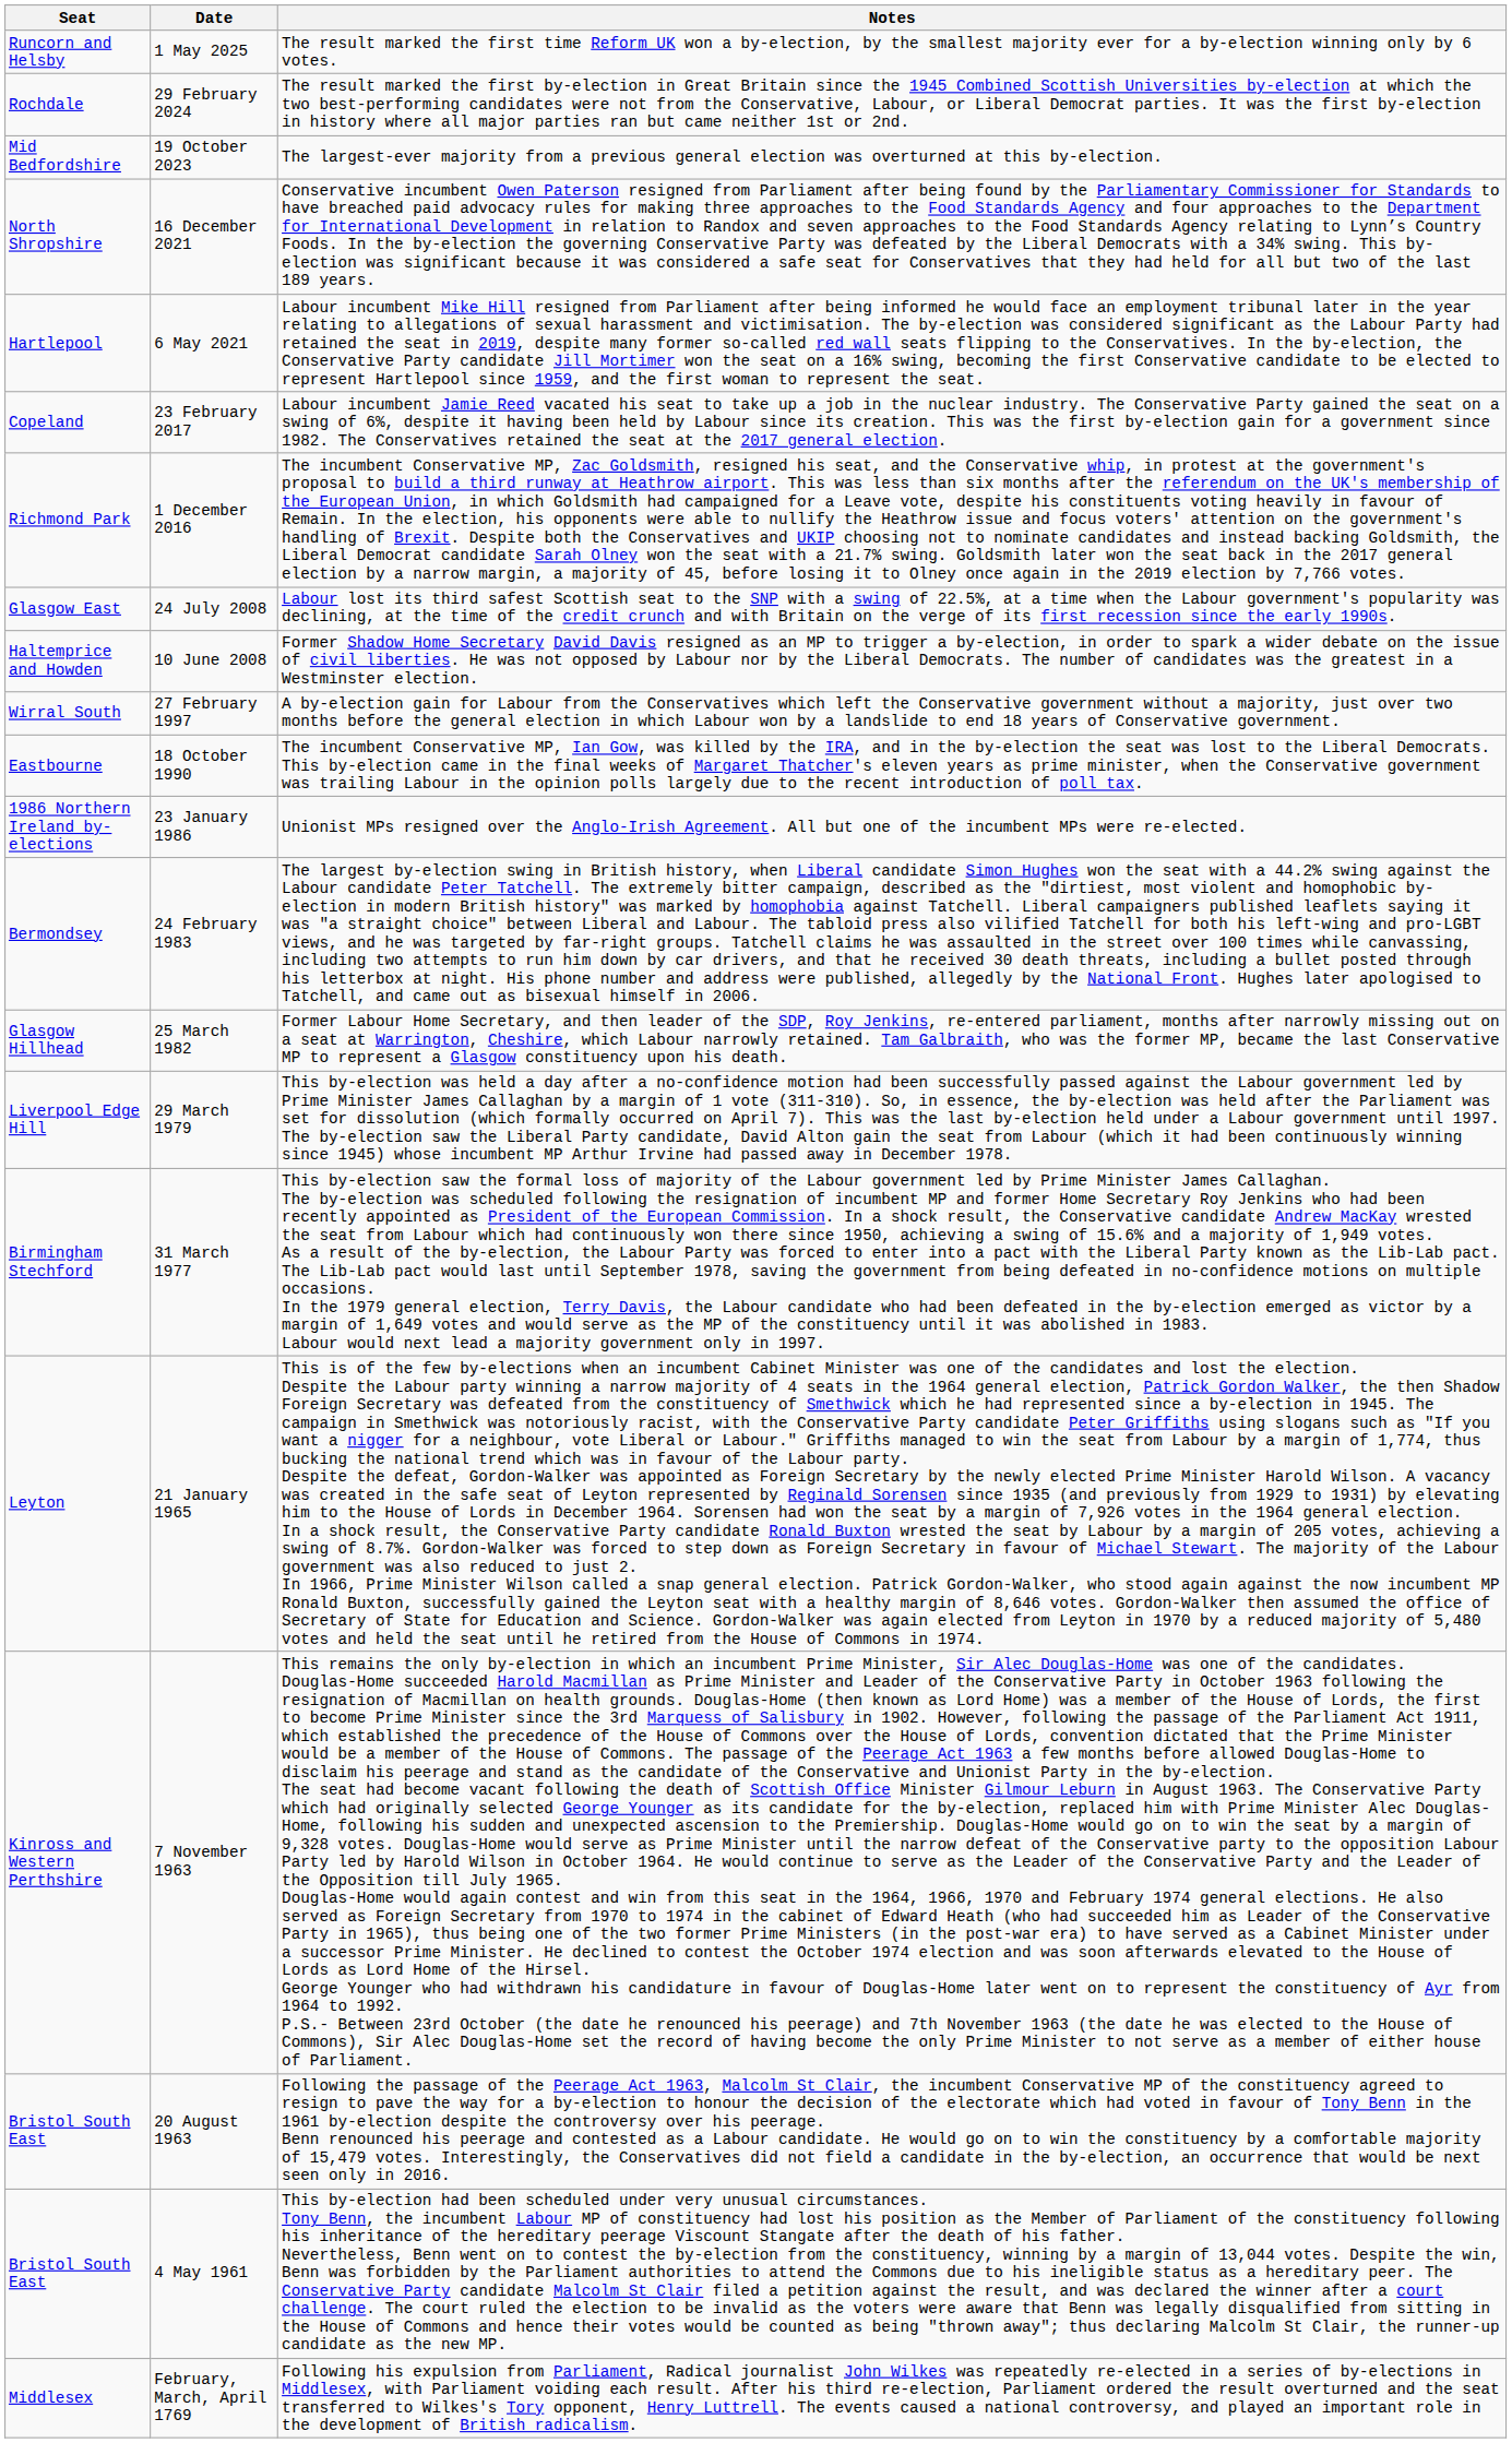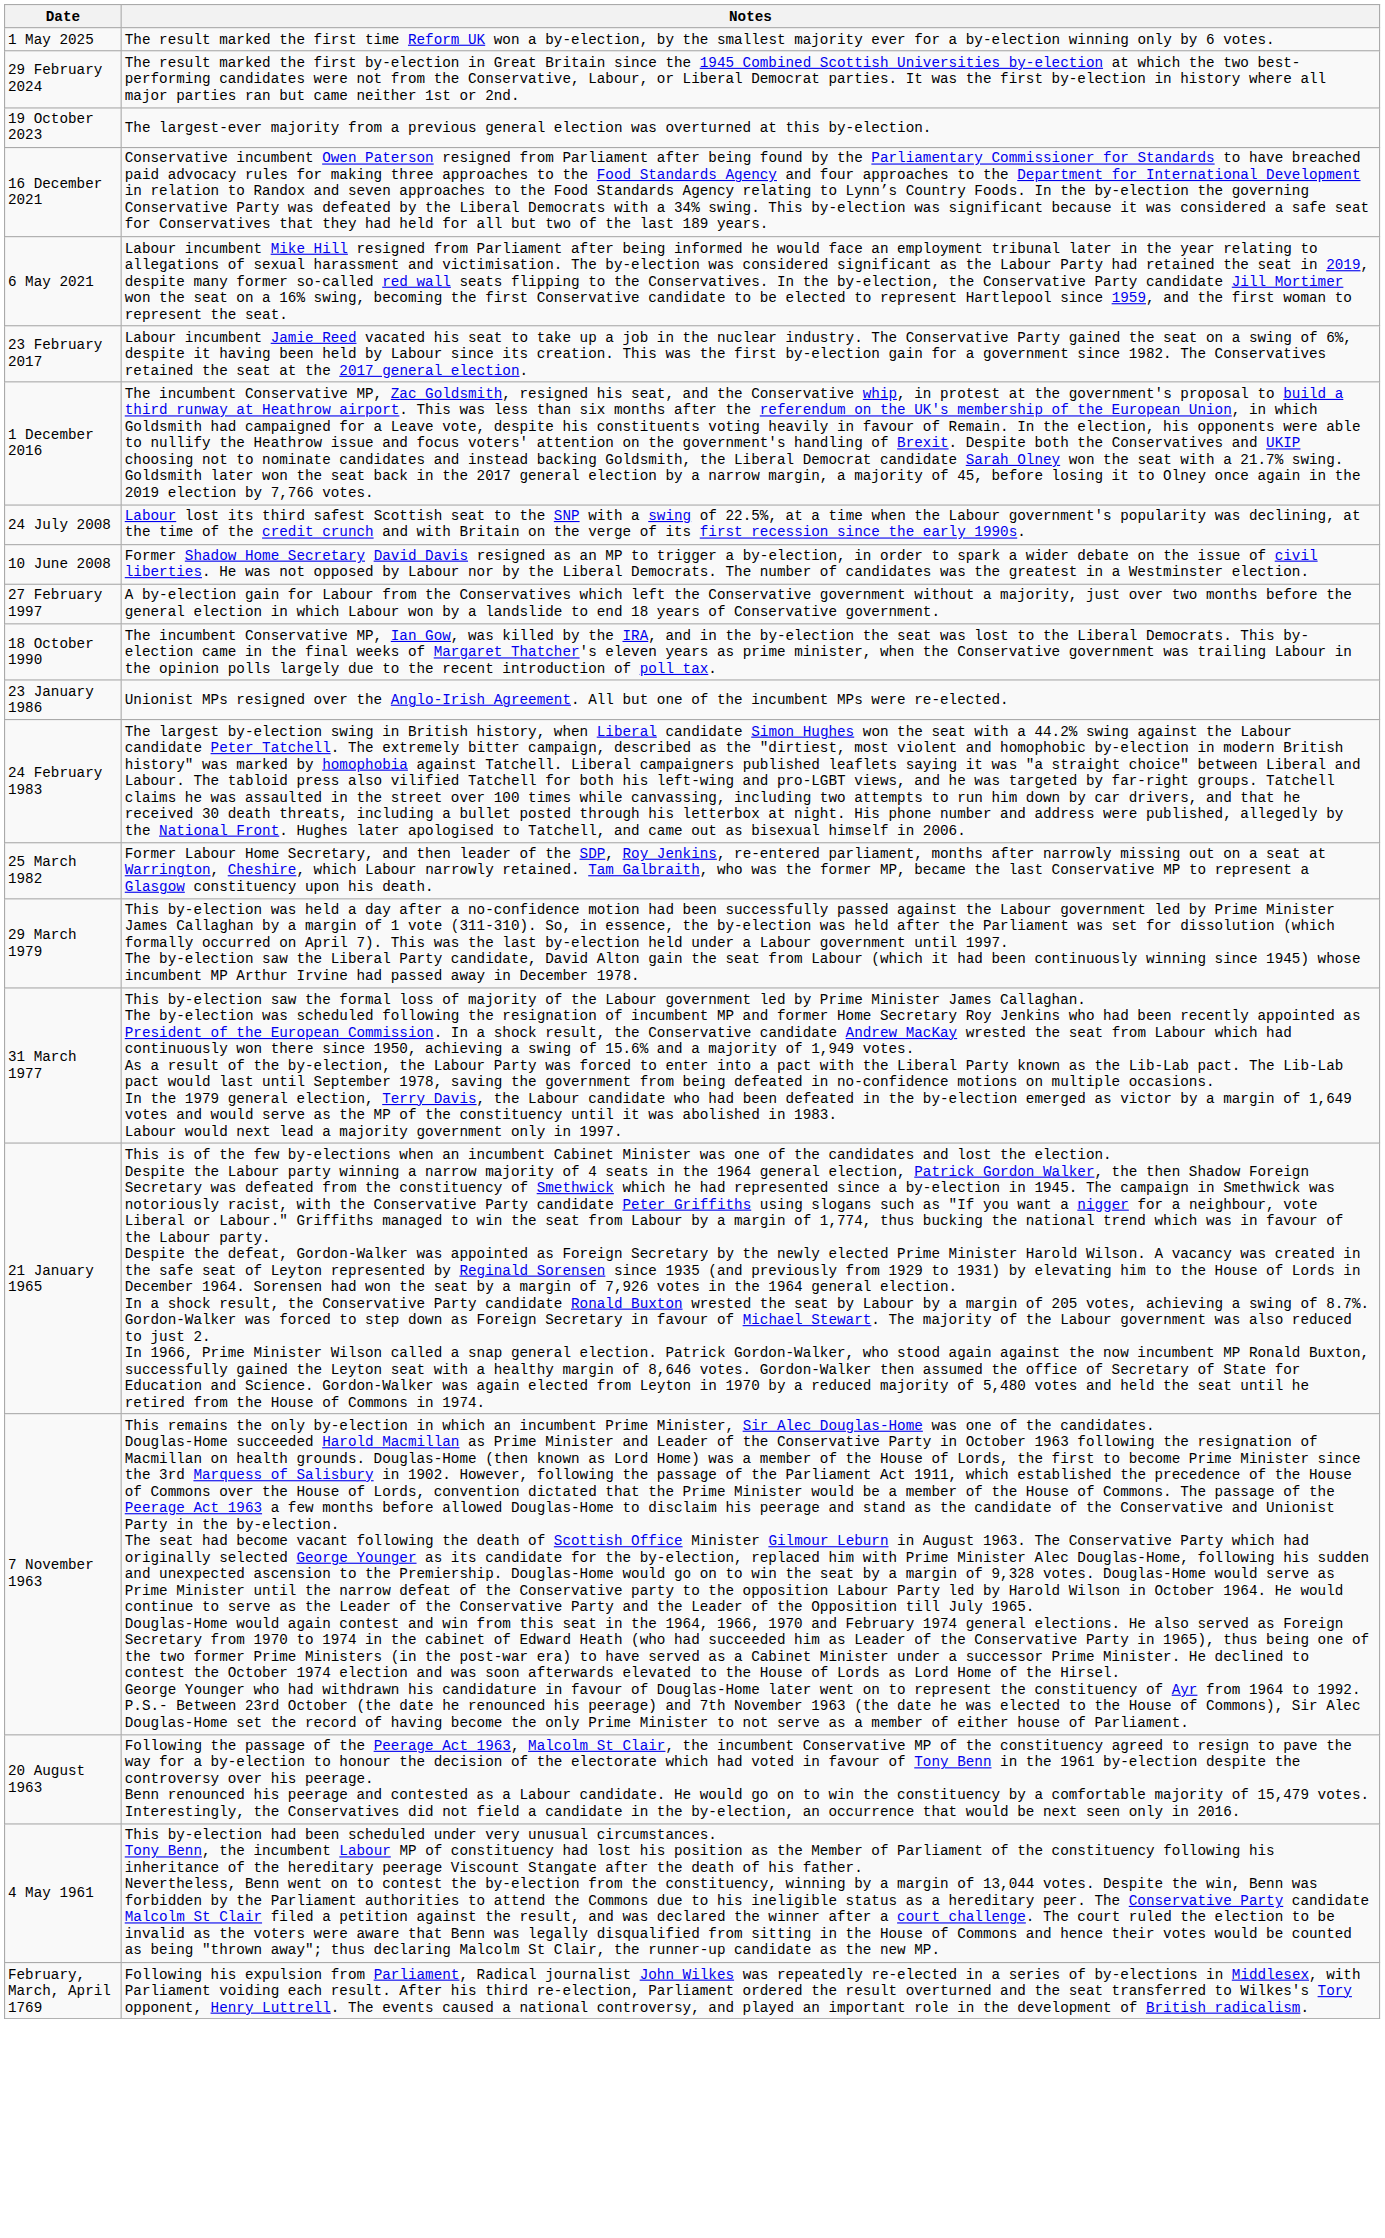 <table class="wikitable">
 <tr>
-<th>Seat</th>
 <th>Date</th>
 <th>Notes</th>
 </tr>
 <tr>
-<td><a href='#'>Runcorn and Helsby</a></td>
 <td>1 May 2025</td>
 <td>The result marked the first time <a href='#'>Reform UK</a> won a by-election, by the smallest majority ever for a by-election winning only by 6 votes.</td>
 </tr>
 <tr>
-<td><a href='#'>Rochdale</a></td>
 <td>29 February 2024</td>
 <td>The result marked the first by-election in Great Britain since the <a href='#'>1945 Combined Scottish Universities by-election</a> at which the two best-performing candidates were not from the Conservative, Labour, or Liberal Democrat parties. It was the first by-election in history where all major parties ran but came neither 1st or 2nd.</td>
 </tr>
 <tr>
-<td><a href='#'>Mid Bedfordshire</a></td>
 <td>19 October 2023</td>
 <td>The largest-ever majority from a previous general election was overturned at this by-election.</td>
 </tr>
 <tr>
-<td><a href='#'>North Shropshire</a></td>
 <td>16 December 2021</td>
 <td>Conservative incumbent <a href='#'>Owen Paterson</a> resigned from Parliament after being found by the <a href='#'>Parliamentary Commissioner for Standards</a> to have breached paid advocacy rules for making three approaches to the <a href='#'>Food Standards Agency</a> and four approaches to the <a href='#'>Department for International Development</a> in relation to Randox and seven approaches to the Food Standards Agency relating to Lynn’s Country Foods. In the by-election the governing Conservative Party was defeated by the Liberal Democrats with a 34% swing. This by-election was significant because it was considered a safe seat for Conservatives that they had held for all but two of the last 189 years.</td>
 </tr>
 <tr>
-<td><a href='#'>Hartlepool</a></td>
 <td>6 May 2021</td>
 <td>Labour incumbent <a href='#'>Mike Hill</a> resigned from Parliament after being informed he would face an employment tribunal later in the year relating to allegations of sexual harassment and victimisation. The by-election was considered significant as the Labour Party had retained the seat in <a href='#'>2019</a>, despite many former so-called <a href='#'>red wall</a> seats flipping to the Conservatives. In the by-election, the Conservative Party candidate <a href='#'>Jill Mortimer</a> won the seat on a 16% swing, becoming the first Conservative candidate to be elected to represent Hartlepool since <a href='#'>1959</a>, and the first woman to represent the seat.</td>
 </tr>
 <tr>
-<td><a href='#'>Copeland</a></td>
 <td>23 February 2017</td>
 <td>Labour incumbent <a href='#'>Jamie Reed</a> vacated his seat to take up a job in the nuclear industry. The Conservative Party gained the seat on a swing of 6%, despite it having been held by Labour since its creation. This was the first by-election gain for a government since 1982. The Conservatives retained the seat at the <a href='#'>2017 general election</a>.</td>
 </tr>
 <tr>
-<td><a href='#'>Richmond Park</a></td>
 <td>1 December 2016</td>
 <td>The incumbent Conservative MP, <a href='#'>Zac Goldsmith</a>, resigned his seat, and the Conservative <a href='#'>whip</a>, in protest at the government's proposal to <a href='#'>build a third runway at Heathrow airport</a>. This was less than six months after the <a href='#'>referendum on the UK's membership of the European Union</a>, in which Goldsmith had campaigned for a Leave vote, despite his constituents voting heavily in favour of Remain. In the election, his opponents were able to nullify the Heathrow issue and focus voters' attention on the government's handling of <a href='#'>Brexit</a>. Despite both the Conservatives and <a href='#'>UKIP</a> choosing not to nominate candidates and instead backing Goldsmith, the Liberal Democrat candidate <a href='#'>Sarah Olney</a> won the seat with a 21.7% swing. Goldsmith later won the seat back in the 2017 general election by a narrow margin, a majority of 45, before losing it to Olney once again in the 2019 election by 7,766 votes.</td>
 </tr>
 <tr>
-<td><a href='#'>Glasgow East</a></td>
 <td>24 July 2008</td>
 <td><a href='#'>Labour</a> lost its third safest Scottish seat to the <a href='#'>SNP</a> with a <a href='#'>swing</a> of 22.5%, at a time when the Labour government's popularity was declining, at the time of the <a href='#'>credit crunch</a> and with Britain on the verge of its <a href='#'>first recession since the early 1990s</a>.</td>
 </tr>
 <tr>
-<td><a href='#'>Haltemprice and Howden</a></td>
 <td width="100pt">10 June 2008</td>
 <td>Former <a href='#'>Shadow Home Secretary</a> <a href='#'>David Davis</a> resigned as an MP to trigger a by-election, in order to spark a wider debate on the issue of <a href='#'>civil liberties</a>. He was not opposed by Labour nor by the Liberal Democrats. The number of candidates was the greatest in a Westminster election.</td>
 </tr>
 <tr>
-<td><a href='#'>Wirral South</a></td>
 <td>27 February 1997</td>
 <td>A by-election gain for Labour from the Conservatives which left the Conservative government without a majority, just over two months before the general election in which Labour won by a landslide to end 18 years of Conservative government.</td>
 </tr>
 <tr>
-<td><a href='#'>Eastbourne</a></td>
 <td>18 October 1990</td>
 <td>The incumbent Conservative MP, <a href='#'>Ian Gow</a>, was killed by the <a href='#'>IRA</a>, and in the by-election the seat was lost to the Liberal Democrats. This by-election came in the final weeks of <a href='#'>Margaret Thatcher</a>'s eleven years as prime minister, when the Conservative government was trailing Labour in the opinion polls largely due to the recent introduction of <a href='#'>poll tax</a>.</td>
 </tr>
 <tr>
-<td><a href='#'>1986 Northern Ireland by-elections</a></td>
 <td>23 January 1986</td>
 <td>Unionist MPs resigned over the <a href='#'>Anglo-Irish Agreement</a>. All but one of the incumbent MPs were re-elected.</td>
 </tr>
 <tr>
-<td><a href='#'>Bermondsey</a></td>
 <td>24 February 1983</td>
 <td>The largest by-election swing in British history, when <a href='#'>Liberal</a> candidate <a href='#'>Simon Hughes</a> won the seat with a 44.2% swing against the Labour candidate <a href='#'>Peter Tatchell</a>. The extremely bitter campaign, described as the "dirtiest, most violent and homophobic by-election in modern British history" was marked by <a href='#'>homophobia</a> against Tatchell. Liberal campaigners published leaflets saying it was "a straight choice" between Liberal and Labour. The tabloid press also vilified Tatchell for both his left-wing and pro-LGBT views, and he was targeted by far-right groups. Tatchell claims he was assaulted in the street over 100 times while canvassing, including two attempts to run him down by car drivers, and that he received 30 death threats, including a bullet posted through his letterbox at night. His phone number and address were published, allegedly by the <a href='#'>National Front</a>. Hughes later apologised to Tatchell, and came out as bisexual himself in 2006.</td>
 </tr>
 <tr>
-<td><a href='#'>Glasgow Hillhead</a></td>
 <td>25 March 1982</td>
 <td>Former Labour Home Secretary, and then leader of the <a href='#'>SDP</a>, <a href='#'>Roy Jenkins</a>, re-entered parliament, months after narrowly missing out on a seat at <a href='#'>Warrington</a>, <a href='#'>Cheshire</a>, which Labour narrowly retained. <a href='#'>Tam Galbraith</a>, who was the former MP, became the last Conservative MP to represent a <a href='#'>Glasgow</a> constituency upon his death.</td>
 </tr>
 <tr>
-<td><a href='#'>Liverpool Edge Hill</a></td>
 <td>29 March 1979</td>
 <td>This by-election was held a day after a no-confidence motion had been successfully passed against the Labour government led by Prime Minister James Callaghan by a margin of 1 vote (311-310). So, in essence, the by-election was held after the Parliament was set for dissolution (which formally occurred on April 7). This was the last by-election held under a Labour government until 1997.<br>The by-election saw the Liberal Party candidate, David Alton gain the seat from Labour (which it had been continuously winning since 1945) whose incumbent MP Arthur Irvine had passed away in December 1978.</td>
 </tr>
 <tr>
-<td><a href='#'>Birmingham Stechford</a></td>
 <td>31 March 1977</td>
 <td>This by-election saw the formal loss of majority of the Labour government led by Prime Minister James Callaghan.<br>The by-election was scheduled following the resignation of incumbent MP and former Home Secretary Roy Jenkins who had been recently appointed as <a href='#'>President of the European Commission</a>. In a shock result, the Conservative candidate <a href='#'>Andrew MacKay</a> wrested the seat from Labour which had continuously won there since 1950, achieving a swing of 15.6% and a majority of 1,949 votes.<br>As a result of the by-election, the Labour Party was forced to enter into a pact with the Liberal Party known as the Lib-Lab pact. The Lib-Lab pact would last until September 1978, saving the government from being defeated in no-confidence motions on multiple occasions.<br>In the 1979 general election, <a href='#'>Terry Davis</a>, the Labour candidate who had been defeated in the by-election emerged as victor by a margin of 1,649 votes and would serve as the MP of the constituency until it was abolished in 1983.<br>Labour would next lead a majority government only in 1997.</td>
 </tr>
 <tr>
-<td><a href='#'>Leyton</a></td>
 <td>21 January 1965</td>
 <td>This is of the few by-elections when an incumbent Cabinet Minister was one of the candidates and lost the election.<br>Despite the Labour party winning a narrow majority of 4 seats in the 1964 general election, <a href='#'>Patrick Gordon Walker</a>, the then Shadow Foreign Secretary was defeated from the constituency of <a href='#'>Smethwick</a> which he had represented since a by-election in 1945. The campaign in Smethwick was notoriously racist, with the Conservative Party candidate <a href='#'>Peter Griffiths</a> using slogans such as "If you want a <a href='#'>nigger</a> for a neighbour, vote Liberal or Labour." Griffiths managed to win the seat from Labour by a margin of 1,774, thus bucking the national trend which was in favour of the Labour party.<br>Despite the defeat, Gordon-Walker was appointed as Foreign Secretary by the newly elected Prime Minister Harold Wilson. A vacancy was created in the safe seat of Leyton represented by <a href='#'>Reginald Sorensen</a> since 1935 (and previously from 1929 to 1931) by elevating him to the House of Lords in December 1964. Sorensen had won the seat by a margin of 7,926 votes in the 1964 general election.<br>In a shock result, the Conservative Party candidate <a href='#'>Ronald Buxton</a> wrested the seat by Labour by a margin of 205 votes, achieving a swing of 8.7%. Gordon-Walker was forced to step down as Foreign Secretary in favour of <a href='#'>Michael Stewart</a>. The majority of the Labour government was also reduced to just 2.<br>In 1966, Prime Minister Wilson called a snap general election. Patrick Gordon-Walker, who stood again against the now incumbent MP Ronald Buxton, successfully gained the Leyton seat with a healthy margin of 8,646 votes. Gordon-Walker then assumed the office of Secretary of State for Education and Science. Gordon-Walker was again elected from Leyton in 1970 by a reduced majority of 5,480 votes and held the seat until he retired from the House of Commons in 1974.</td>
 </tr>
 <tr>
-<td><a href='#'>Kinross and Western Perthshire</a></td>
 <td>7 November 1963</td>
 <td>This remains the only by-election in which an incumbent Prime Minister, <a href='#'>Sir Alec Douglas-Home</a> was one of the candidates.<br>Douglas-Home succeeded <a href='#'>Harold Macmillan</a> as Prime Minister and Leader of the Conservative Party in October 1963 following the resignation of Macmillan on health grounds. Douglas-Home (then known as Lord Home) was a member of the House of Lords, the first to become Prime Minister since the 3rd <a href='#'>Marquess of Salisbury</a> in 1902. However, following the passage of the Parliament Act 1911, which established the precedence of the House of Commons over the House of Lords, convention dictated that the Prime Minister would be a member of the House of Commons. The passage of the <a href='#'>Peerage Act 1963</a> a few months before allowed Douglas-Home to disclaim his peerage and stand as the candidate of the Conservative and Unionist Party in the by-election.<br>The seat had become vacant following the death of <a href='#'>Scottish Office</a> Minister <a href='#'>Gilmour Leburn</a> in August 1963. The Conservative Party which had originally selected <a href='#'>George Younger</a> as its candidate for the by-election, replaced him with Prime Minister Alec Douglas-Home, following his sudden and unexpected ascension to the Premiership. Douglas-Home would go on to win the seat by a margin of 9,328 votes. Douglas-Home would serve as Prime Minister until the narrow defeat of the Conservative party to the opposition Labour Party led by Harold Wilson in October 1964. He would continue to serve as the Leader of the Conservative Party and the Leader of the Opposition till July 1965.<br>Douglas-Home would again contest and win from this seat in the 1964, 1966, 1970 and February 1974 general elections. He also served as Foreign Secretary from 1970 to 1974 in the cabinet of Edward Heath (who had succeeded him as Leader of the Conservative Party in 1965), thus being one of the two former Prime Ministers (in the post-war era) to have served as a Cabinet Minister under a successor Prime Minister. He declined to contest the October 1974 election and was soon afterwards elevated to the House of Lords as Lord Home of the Hirsel.<br>George Younger who had withdrawn his candidature in favour of Douglas-Home later went on to represent the constituency of <a href='#'>Ayr</a> from 1964 to 1992.<br>P.S.-  Between 23rd October (the date he renounced his peerage) and 7th November 1963 (the date he was elected to the House of Commons), Sir Alec Douglas-Home set the record of having become the only Prime Minister to not serve as a member of either house of Parliament.</td>
 </tr>
 <tr>
-<td><a href='#'>Bristol South East</a></td>
 <td>20 August 1963</td>
 <td>Following the passage of the <a href='#'>Peerage Act 1963</a>, <a href='#'>Malcolm St Clair</a>, the incumbent Conservative MP of the constituency agreed to resign to pave the way for a by-election to honour the decision of the electorate which had voted in favour of <a href='#'>Tony Benn</a> in the 1961 by-election despite the controversy over his peerage.<br>Benn renounced his peerage and contested as a Labour candidate. He would go on to win the constituency by a comfortable majority of 15,479 votes. Interestingly, the Conservatives did not field a candidate in the by-election, an occurrence that would be next seen only in 2016.</td>
 </tr>
 <tr>
-<td><a href='#'>Bristol South East</a></td>
 <td>4 May 1961</td>
 <td>This by-election had been scheduled under very unusual circumstances.<br><a href='#'>Tony Benn</a>, the incumbent <a href='#'>Labour</a> MP of constituency had lost his position as the Member of Parliament of the constituency following his inheritance of the hereditary peerage Viscount Stangate after the death of his father.<br>Nevertheless, Benn went on to contest the by-election from the constituency, winning by a margin of 13,044 votes. Despite the win, Benn was forbidden by the Parliament authorities to attend the Commons due to his ineligible status as a hereditary peer. The <a href='#'>Conservative Party</a> candidate <a href='#'>Malcolm St Clair</a> filed a petition against the result, and was declared the winner after a <a href='#'>court challenge</a>. The court ruled the election to be invalid as the voters were aware that Benn was legally disqualified from sitting in the House of Commons and hence their votes would be counted as being "thrown away"; thus declaring Malcolm St Clair, the runner-up candidate as the new MP.</td>
 </tr>
 <tr>
-<td><a href='#'>Middlesex</a></td>
 <td>February, March, April 1769</td>
 <td>Following his expulsion from <a href='#'>Parliament</a>, Radical journalist <a href='#'>John Wilkes</a> was repeatedly re-elected in a series of by-elections in <a href='#'>Middlesex</a>, with Parliament voiding each result. After his third re-election, Parliament ordered the result overturned and the seat transferred to Wilkes's <a href='#'>Tory</a> opponent, <a href='#'>Henry Luttrell</a>. The events caused a national controversy, and played an important role in the development of <a href='#'>British radicalism</a>.</td>
 </tr>
 </table>
